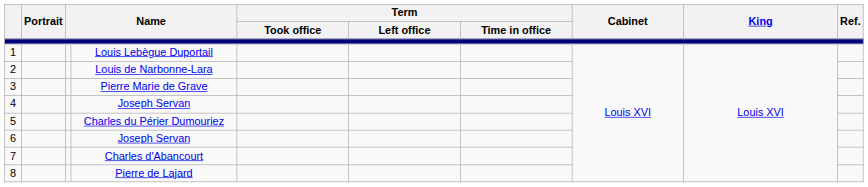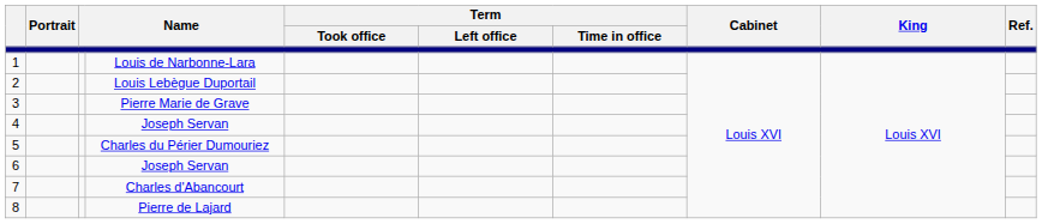 <table class="wikitable" style="text-align:center; width:100%">
 <tr>
 <th style="width:2%" rowspan=2></th>
 <th style="width:5%" rowspan=2>Portrait</th>
 <th style="width:20%" rowspan=2, colspan=2>Name</th>
 <th colspan=3>Term</th>
 <th style="width:13%" rowspan=2>Cabinet</th>
 <th rowspan=2><a href='#'>King</a></th>
 <th style="width:2%" rowspan=2>Ref.</th>
 </tr>
 <tr>
 <th style="width:13%">Took office</th>
 <th style="width:13%">Left office</th>
 <th style="width:13%">Time in office</th>
 </tr>
 <tr bgcolor="navy">
 <td colspan=10></td>
 </tr>
 <tr>
 <td>1</td>
 <td></td>
 <td style="background:"></td>
-<td><a href='#'>Louis Lebègue Duportail</a></td>
+<td><a href='#'>Louis de Narbonne-Lara</a></td>
 <td></td>
 <td></td>
 <td></td>
 <td rowspan=8><a href='#'>Louis XVI</a></td>
 <td rowspan=8><a href='#'>Louis XVI</a></td>
 <td></td>
 </tr>
 <tr>
 <td>2</td>
 <td></td>
 <td style="background:"></td>
-<td><a href='#'>Louis de Narbonne-Lara</a></td>
+<td><a href='#'>Louis Lebègue Duportail</a></td>
 <td></td>
 <td></td>
 <td></td>
 <td></td>
 </tr>
 <tr>
 <td>3</td>
 <td></td>
 <td style="background:"></td>
 <td><a href='#'>Pierre Marie de Grave</a></td>
 <td></td>
 <td></td>
 <td></td>
 <td></td>
 </tr>
 <tr>
 <td>4</td>
 <td></td>
 <td style="background:"></td>
 <td><a href='#'>Joseph Servan</a></td>
 <td></td>
 <td></td>
 <td></td>
 <td></td>
 </tr>
 <tr>
 <td>5</td>
 <td></td>
 <td style="background:"></td>
 <td><a href='#'>Charles du Périer Dumouriez</a></td>
 <td></td>
 <td></td>
 <td></td>
 <td></td>
 </tr>
 <tr>
 <td>6</td>
 <td></td>
 <td style="background:"></td>
 <td><a href='#'>Joseph Servan</a></td>
 <td></td>
 <td></td>
 <td></td>
 <td></td>
 </tr>
 <tr>
 <td>7</td>
 <td></td>
 <td style="background:"></td>
 <td><a href='#'>Charles d'Abancourt</a></td>
 <td></td>
 <td></td>
 <td></td>
 <td></td>
 </tr>
 <tr>
 <td>8</td>
 <td></td>
 <td style="background:"></td>
 <td><a href='#'>Pierre de Lajard</a></td>
 <td></td>
 <td></td>
 <td></td>
 <td></td>
 </tr>
 </table>
